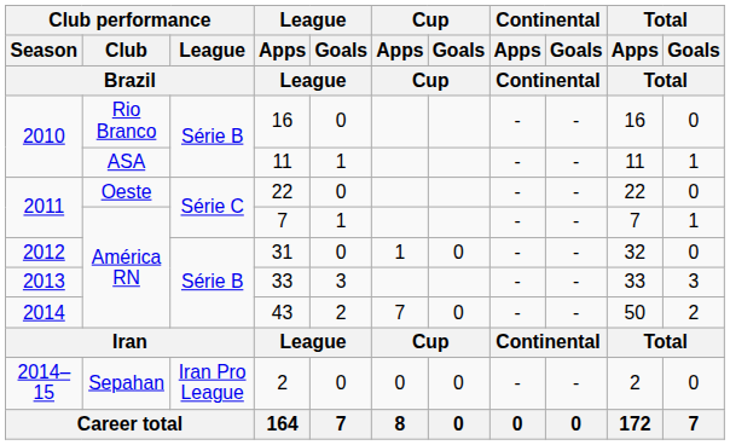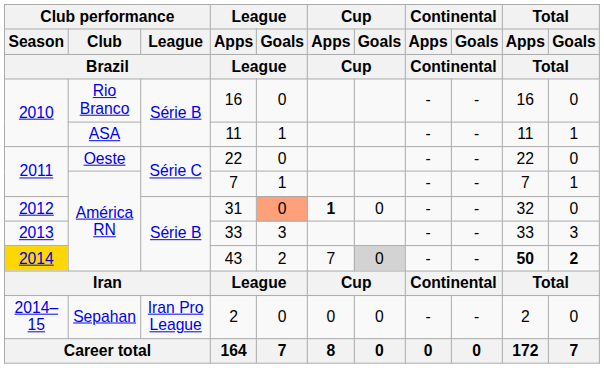 <table class="wikitable" style="text-align:center">
 <tr>
 <th colspan=3>Club performance</th>
 <th colspan=2>League</th>
 <th colspan=2>Cup</th>
 <th colspan=2>Continental</th>
 <th colspan=2>Total</th>
 </tr>
 <tr>
 <th>Season</th>
 <th>Club</th>
 <th>League</th>
 <th>Apps</th>
 <th>Goals</th>
 <th>Apps</th>
 <th>Goals</th>
 <th>Apps</th>
 <th>Goals</th>
 <th>Apps</th>
 <th>Goals</th>
 </tr>
 <tr>
 <th colspan=3>Brazil</th>
 <th colspan=2>League</th>
 <th colspan=2>Cup</th>
 <th colspan=2>Continental</th>
 <th colspan=2>Total</th>
 </tr>
 <tr>
 <td rowspan="2"><a href='#'>2010</a></td>
 <td rowspan="1"><a href='#'>Rio Branco</a></td>
 <td rowspan="2"><a href='#'>Série B</a></td>
 <td>16</td>
 <td>0</td>
 <td></td>
 <td></td>
 <td>-</td>
 <td>-</td>
 <td>16</td>
 <td>0</td>
 </tr>
 <tr>
 <td rowspan="1"><a href='#'>ASA</a></td>
 <td>11</td>
 <td>1</td>
 <td></td>
 <td></td>
 <td>-</td>
 <td>-</td>
 <td>11</td>
 <td>1</td>
 </tr>
 <tr>
 <td rowspan="2"><a href='#'>2011</a></td>
 <td rowspan="1"><a href='#'>Oeste</a></td>
 <td rowspan="2"><a href='#'>Série C</a></td>
 <td>22</td>
 <td>0</td>
 <td></td>
 <td></td>
 <td>-</td>
 <td>-</td>
 <td>22</td>
 <td>0</td>
 </tr>
 <tr>
 <td rowspan="4"><a href='#'>América RN</a></td>
 <td>7</td>
 <td>1</td>
 <td></td>
 <td></td>
 <td>-</td>
 <td>-</td>
 <td>7</td>
 <td>1</td>
 </tr>
 <tr>
 <td><a href='#'>2012</a></td>
 <td rowspan="3"><a href='#'>Série B</a></td>
 <td>31</td>
-<td>0</td>
-<td>1</td>
+<td style="background: lightsalmon;">0</td>
+<td><strong>1</strong></td>
 <td>0</td>
 <td>-</td>
 <td>-</td>
 <td>32</td>
 <td>0</td>
 </tr>
 <tr>
 <td><a href='#'>2013</a></td>
 <td>33</td>
 <td>3</td>
 <td></td>
 <td></td>
 <td>-</td>
 <td>-</td>
 <td>33</td>
 <td>3</td>
 </tr>
 <tr>
-<td><a href='#'>2014</a></td>
+<td style="background: gold;"><a href='#'>2014</a></td>
 <td>43</td>
 <td>2</td>
 <td>7</td>
-<td>0</td>
+<td style="background: lightgrey;">0</td>
 <td>-</td>
 <td>-</td>
-<td>50</td>
-<td>2</td>
+<td><strong>50</strong></td>
+<td><strong>2</strong></td>
 </tr>
 <tr>
 <th colspan=3>Iran</th>
 <th colspan=2>League</th>
 <th colspan=2>Cup</th>
 <th colspan=2>Continental</th>
 <th colspan=2>Total</th>
 </tr>
 <tr>
 <td><a href='#'>2014–15</a></td>
 <td rowspan="1"><a href='#'>Sepahan</a></td>
 <td rowspan="1"><a href='#'>Iran Pro League</a></td>
 <td>2</td>
 <td>0</td>
 <td>0</td>
 <td>0</td>
 <td>-</td>
 <td>-</td>
 <td>2</td>
 <td>0</td>
 </tr>
 <tr>
 <th colspan=3>Career total</th>
 <th>164</th>
 <th>7</th>
 <th>8</th>
 <th>0</th>
 <th>0</th>
 <th>0</th>
 <th>172</th>
 <th>7</th>
 </tr>
 </table>
